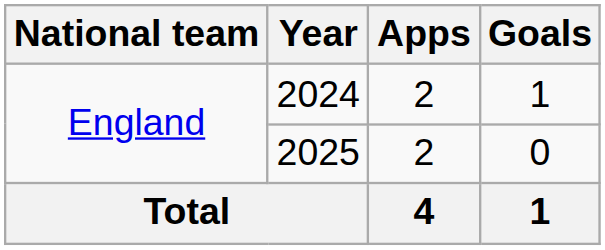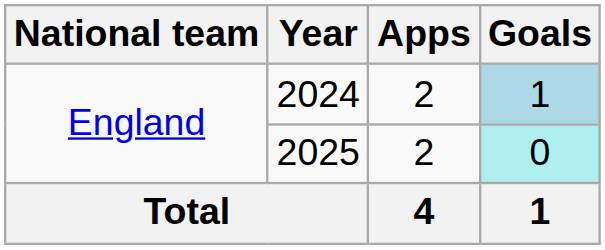 <table class="wikitable" style="text-align: center;">
 <tr>
 <th>National team</th>
 <th>Year</th>
 <th>Apps</th>
 <th>Goals</th>
 </tr>
 <tr>
 <td rowspan="2"><a href='#'>England</a></td>
 <td>2024</td>
 <td>2</td>
-<td>1</td>
+<td style="background: lightblue;">1</td>
 </tr>
 <tr>
 <td>2025</td>
 <td>2</td>
-<td>0</td>
+<td style="background: paleturquoise;">0</td>
 </tr>
 <tr>
 <th colspan="2">Total</th>
 <th>4</th>
 <th>1</th>
 </tr>
 </table>
